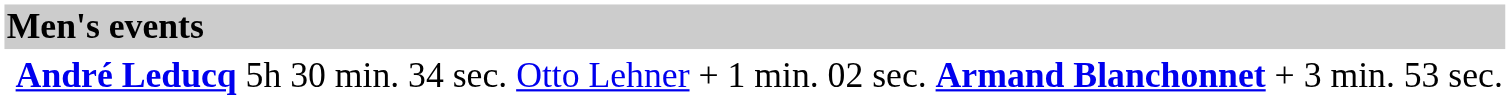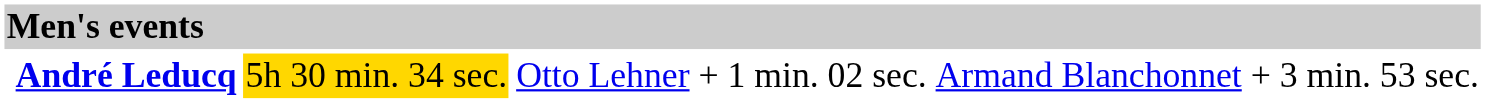 <table>
 <tr bgcolor="#cccccc">
 <td colspan=7><strong>Men's events</strong></td>
 </tr>
 <tr>
 <td><br></td>
 <td><strong><a href='#'>André Leducq</a></strong><br><small></small></td>
-<td align=right>5h 30 min. 34 sec.</td>
+<td align=right style="background: gold;">5h 30 min. 34 sec.</td>
 <td><a href='#'>Otto Lehner</a><br><small></small></td>
 <td align=right>+ 1 min. 02 sec.</td>
-<td><strong><a href='#'>Armand Blanchonnet</a><br><small></small></strong></td>
+<td><a href='#'>Armand Blanchonnet</a><br><small></small></td>
 <td align=right>+ 3 min. 53 sec.</td>
 </tr>
 </table>
